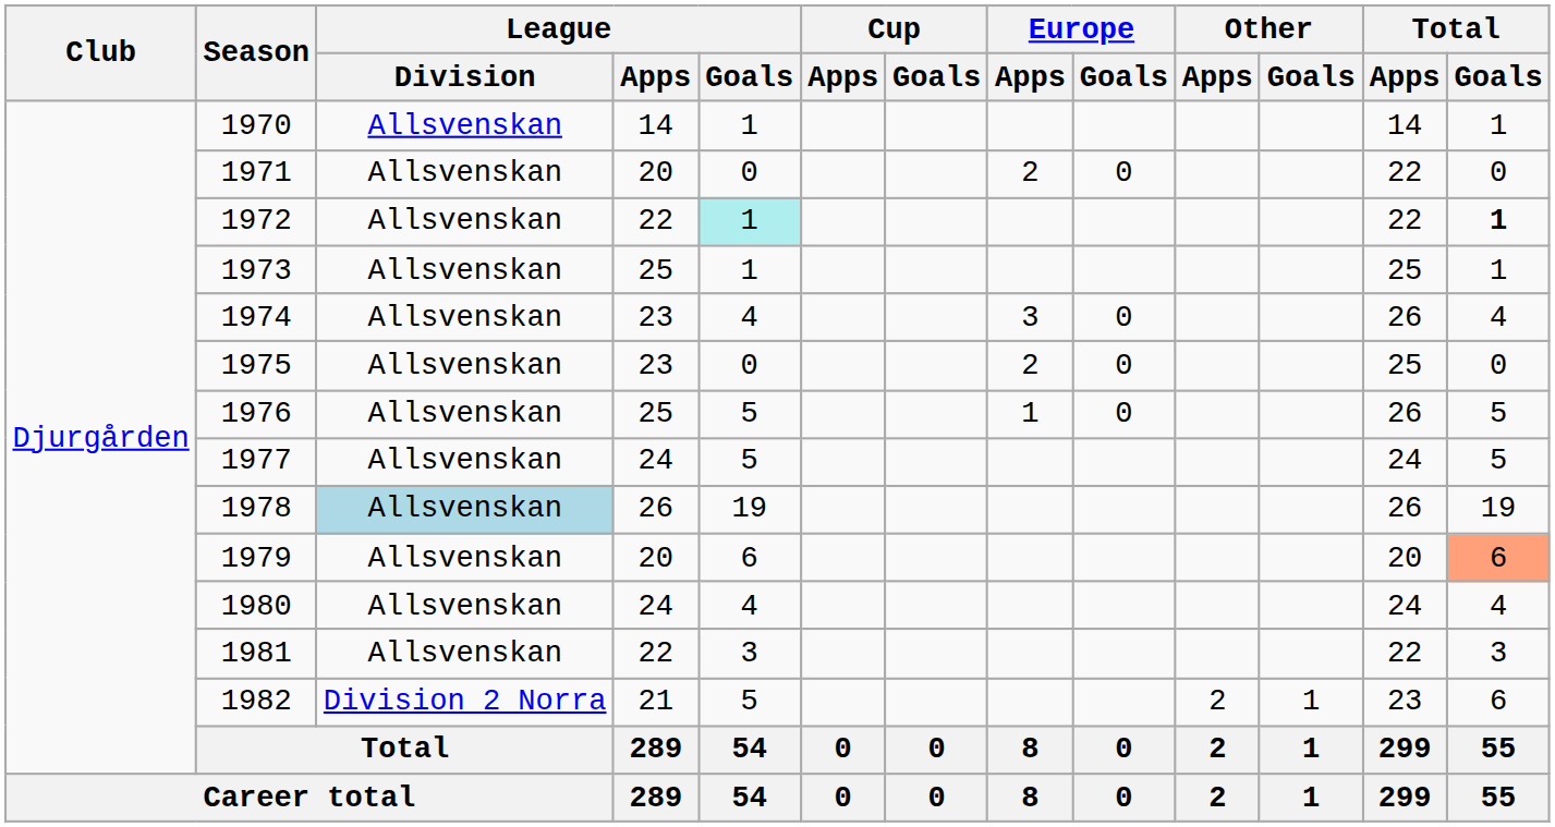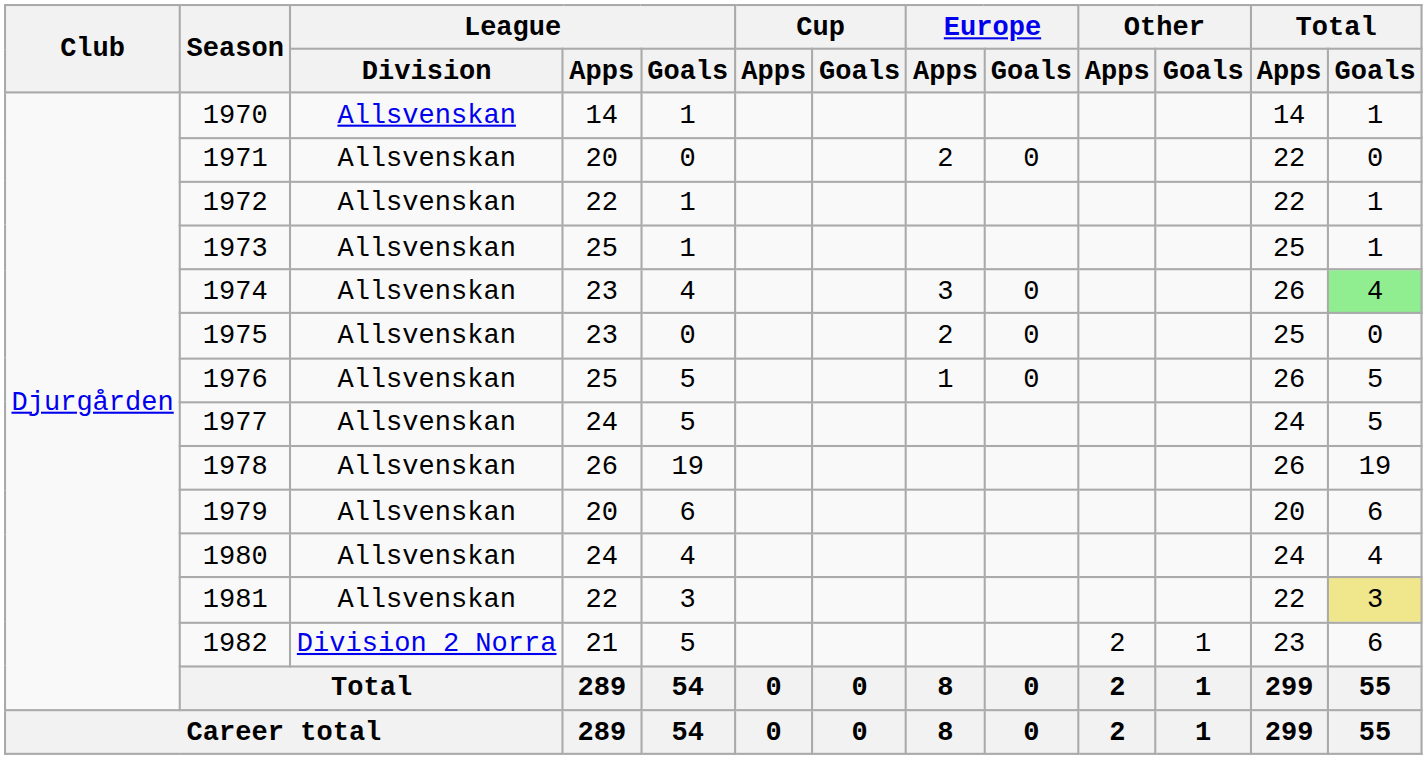 <table class="wikitable" style="text-align:center">
 <tr>
 <th rowspan="2">Club</th>
 <th rowspan="2">Season</th>
 <th colspan="3">League</th>
 <th colspan="2">Cup</th>
 <th colspan="2"><a href='#'>Europe</a></th>
 <th colspan="2">Other</th>
 <th colspan="2">Total</th>
 </tr>
 <tr>
 <th>Division</th>
 <th>Apps</th>
 <th>Goals</th>
 <th>Apps</th>
 <th>Goals</th>
 <th>Apps</th>
 <th>Goals</th>
 <th>Apps</th>
 <th>Goals</th>
 <th>Apps</th>
 <th>Goals</th>
 </tr>
 <tr>
 <td rowspan="14"><a href='#'>Djurgården</a></td>
 <td>1970</td>
 <td><a href='#'>Allsvenskan</a></td>
 <td>14</td>
 <td>1</td>
 <td></td>
 <td></td>
 <td></td>
 <td></td>
 <td></td>
 <td></td>
 <td>14</td>
 <td>1</td>
 </tr>
 <tr>
 <td>1971</td>
 <td>Allsvenskan</td>
 <td>20</td>
 <td>0</td>
 <td></td>
 <td></td>
 <td>2</td>
 <td>0</td>
 <td></td>
 <td></td>
 <td>22</td>
 <td>0</td>
 </tr>
 <tr>
 <td>1972</td>
 <td>Allsvenskan</td>
 <td>22</td>
-<td style="background: paleturquoise;">1</td>
+<td>1</td>
 <td></td>
 <td></td>
 <td></td>
 <td></td>
 <td></td>
 <td></td>
 <td>22</td>
-<td><strong>1</strong></td>
+<td>1</td>
 </tr>
 <tr>
 <td>1973</td>
 <td>Allsvenskan</td>
 <td>25</td>
 <td>1</td>
 <td></td>
 <td></td>
 <td></td>
 <td></td>
 <td></td>
 <td></td>
 <td>25</td>
 <td>1</td>
 </tr>
 <tr>
 <td>1974</td>
 <td>Allsvenskan</td>
 <td>23</td>
 <td>4</td>
 <td></td>
 <td></td>
 <td>3</td>
 <td>0</td>
 <td></td>
 <td></td>
 <td>26</td>
-<td>4</td>
+<td style="background: lightgreen;">4</td>
 </tr>
 <tr>
 <td>1975</td>
 <td>Allsvenskan</td>
 <td>23</td>
 <td>0</td>
 <td></td>
 <td></td>
 <td>2</td>
 <td>0</td>
 <td></td>
 <td></td>
 <td>25</td>
 <td>0</td>
 </tr>
 <tr>
 <td>1976</td>
 <td>Allsvenskan</td>
 <td>25</td>
 <td>5</td>
 <td></td>
 <td></td>
 <td>1</td>
 <td>0</td>
 <td></td>
 <td></td>
 <td>26</td>
 <td>5</td>
 </tr>
 <tr>
 <td>1977</td>
 <td>Allsvenskan</td>
 <td>24</td>
 <td>5</td>
 <td></td>
 <td></td>
 <td></td>
 <td></td>
 <td></td>
 <td></td>
 <td>24</td>
 <td>5</td>
 </tr>
 <tr>
 <td>1978</td>
-<td style="background: lightblue;">Allsvenskan</td>
+<td>Allsvenskan</td>
 <td>26</td>
 <td>19</td>
 <td></td>
 <td></td>
 <td></td>
 <td></td>
 <td></td>
 <td></td>
 <td>26</td>
 <td>19</td>
 </tr>
 <tr>
 <td>1979</td>
 <td>Allsvenskan</td>
 <td>20</td>
 <td>6</td>
 <td></td>
 <td></td>
 <td></td>
 <td></td>
 <td></td>
 <td></td>
 <td>20</td>
-<td style="background: lightsalmon;">6</td>
+<td>6</td>
 </tr>
 <tr>
 <td>1980</td>
 <td>Allsvenskan</td>
 <td>24</td>
 <td>4</td>
 <td></td>
 <td></td>
 <td></td>
 <td></td>
 <td></td>
 <td></td>
 <td>24</td>
 <td>4</td>
 </tr>
 <tr>
 <td>1981</td>
 <td>Allsvenskan</td>
 <td>22</td>
 <td>3</td>
 <td></td>
 <td></td>
 <td></td>
 <td></td>
 <td></td>
 <td></td>
 <td>22</td>
-<td>3</td>
+<td style="background: khaki;">3</td>
 </tr>
 <tr>
 <td>1982</td>
 <td><a href='#'>Division 2 Norra</a></td>
 <td>21</td>
 <td>5</td>
 <td></td>
 <td></td>
 <td></td>
 <td></td>
 <td>2</td>
 <td>1</td>
 <td>23</td>
 <td>6</td>
 </tr>
 <tr>
 <th colspan="2">Total</th>
 <th>289</th>
 <th>54</th>
 <th>0</th>
 <th>0</th>
 <th>8</th>
 <th>0</th>
 <th>2</th>
 <th>1</th>
 <th>299</th>
 <th>55</th>
 </tr>
 <tr>
 <th colspan="3">Career total</th>
 <th>289</th>
 <th>54</th>
 <th>0</th>
 <th>0</th>
 <th>8</th>
 <th>0</th>
 <th>2</th>
 <th>1</th>
 <th>299</th>
 <th>55</th>
 </tr>
 </table>
